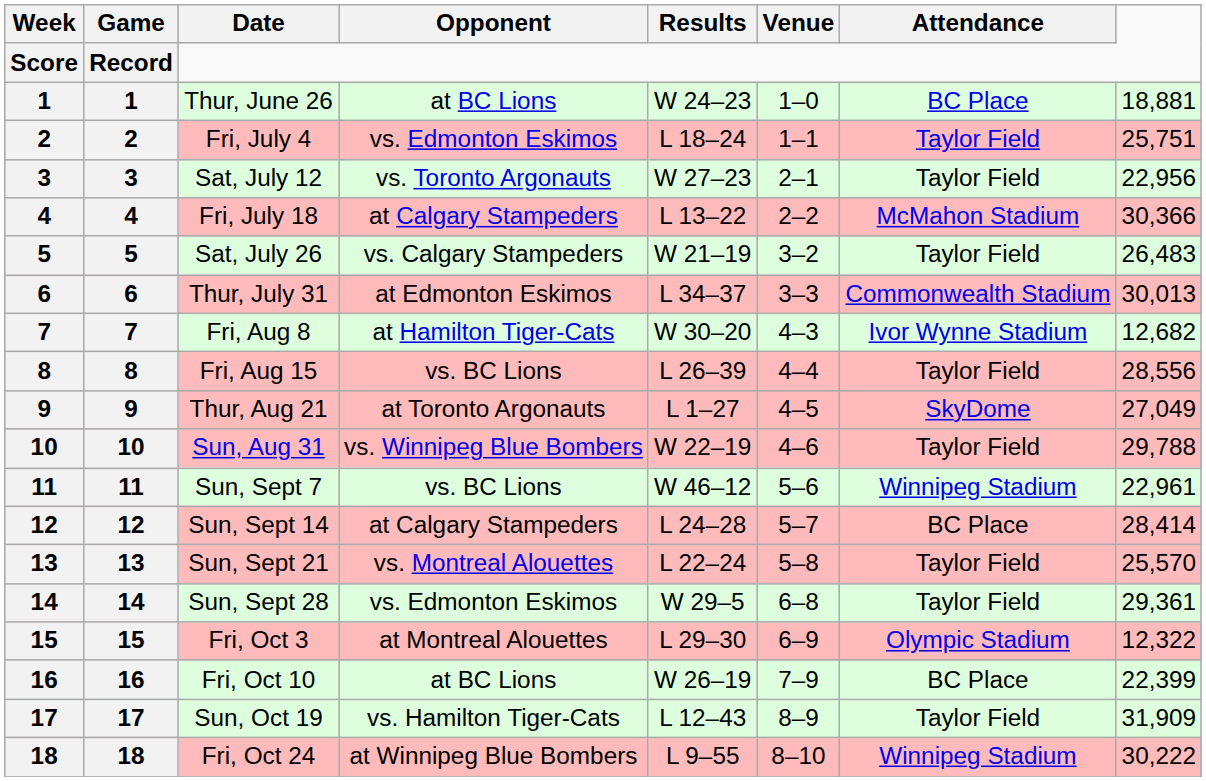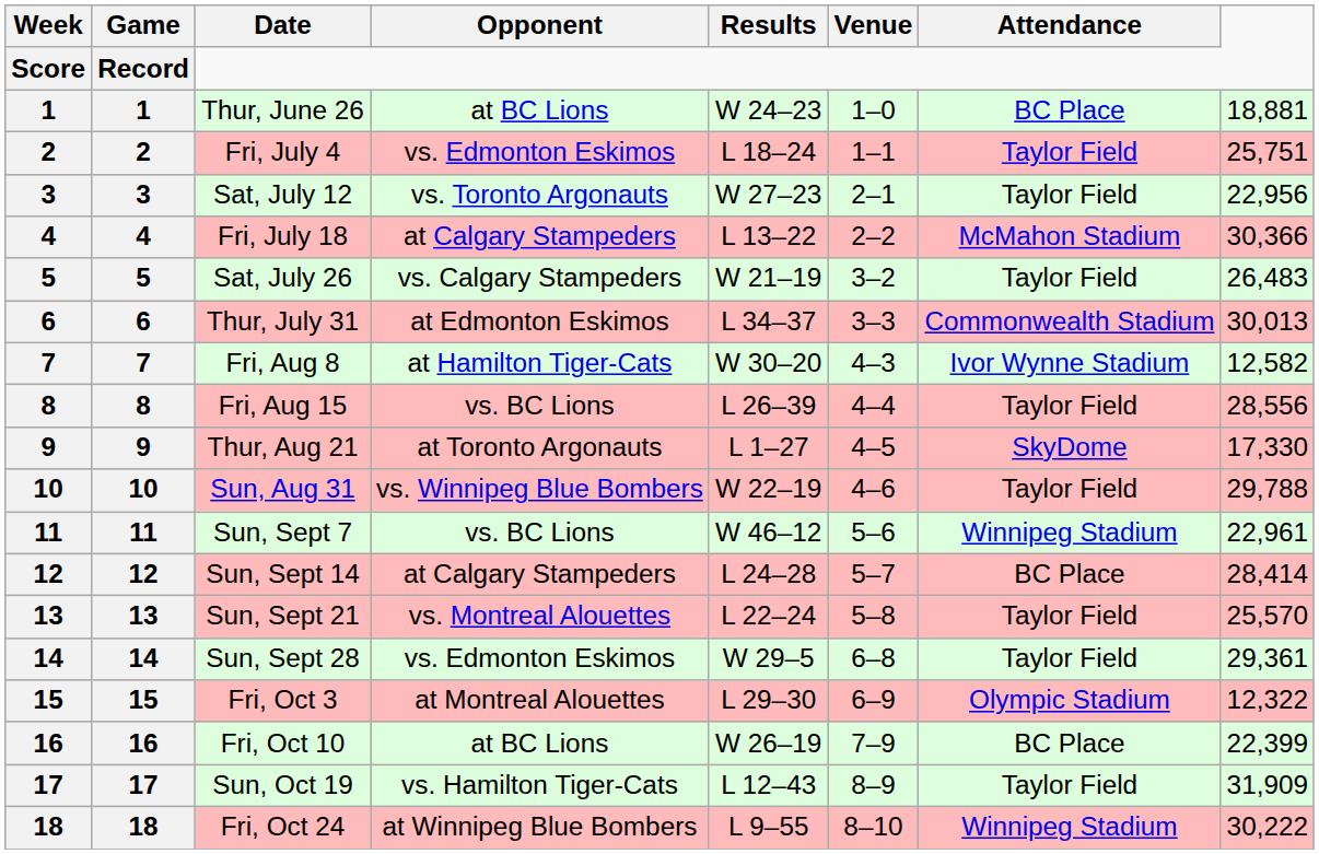 <table class="wikitable" style="text-align:center">
 <tr>
 <th>Week</th>
 <th>Game</th>
 <th>Date</th>
 <th>Opponent</th>
 <th>Results</th>
 <th>Venue</th>
 <th>Attendance</th>
 </tr>
 <tr>
 <th>Score</th>
 <th>Record</th>
 </tr>
 <tr style="background:#ddffdd">
 <th>1</th>
 <th>1</th>
 <td>Thur, June 26</td>
 <td>at <a href='#'>BC Lions</a></td>
 <td>W 24–23</td>
 <td>1–0</td>
 <td><a href='#'>BC Place</a></td>
 <td>18,881</td>
 </tr>
 <tr style="background:#ffbbbb">
 <th>2</th>
 <th>2</th>
 <td>Fri, July 4</td>
 <td>vs. <a href='#'>Edmonton Eskimos</a></td>
 <td>L 18–24</td>
 <td>1–1</td>
 <td><a href='#'>Taylor Field</a></td>
 <td>25,751</td>
 </tr>
 <tr style="background:#ddffdd">
 <th>3</th>
 <th>3</th>
 <td>Sat, July 12</td>
 <td>vs. <a href='#'>Toronto Argonauts</a></td>
 <td>W 27–23</td>
 <td>2–1</td>
 <td>Taylor Field</td>
 <td>22,956</td>
 </tr>
 <tr style="background:#ffbbbb">
 <th>4</th>
 <th>4</th>
 <td>Fri, July 18</td>
 <td>at <a href='#'>Calgary Stampeders</a></td>
 <td>L 13–22</td>
 <td>2–2</td>
 <td><a href='#'>McMahon Stadium</a></td>
 <td>30,366</td>
 </tr>
 <tr style="background:#ddffdd">
 <th>5</th>
 <th>5</th>
 <td>Sat, July 26</td>
 <td>vs. Calgary Stampeders</td>
 <td>W 21–19</td>
 <td>3–2</td>
 <td>Taylor Field</td>
 <td>26,483</td>
 </tr>
 <tr style="background:#ffbbbb">
 <th>6</th>
 <th>6</th>
 <td>Thur, July 31</td>
 <td>at Edmonton Eskimos</td>
 <td>L 34–37</td>
 <td>3–3</td>
 <td><a href='#'>Commonwealth Stadium</a></td>
 <td>30,013</td>
 </tr>
 <tr style="background:#ddffdd">
 <th>7</th>
 <th>7</th>
 <td>Fri, Aug 8</td>
 <td>at <a href='#'>Hamilton Tiger-Cats</a></td>
 <td>W 30–20</td>
 <td>4–3</td>
 <td><a href='#'>Ivor Wynne Stadium</a></td>
-<td>12,682</td>
+<td>12,582</td>
 </tr>
 <tr style="background:#ffbbbb">
 <th>8</th>
 <th>8</th>
 <td>Fri, Aug 15</td>
 <td>vs. BC Lions</td>
 <td>L 26–39</td>
 <td>4–4</td>
 <td>Taylor Field</td>
 <td>28,556</td>
 </tr>
 <tr style="background:#ffbbbb">
 <th>9</th>
 <th>9</th>
 <td>Thur, Aug 21</td>
 <td>at Toronto Argonauts</td>
 <td>L 1–27</td>
 <td>4–5</td>
 <td><a href='#'>SkyDome</a></td>
-<td>27,049</td>
+<td>17,330</td>
 </tr>
 <tr style="background:#ffbbbb">
 <th>10</th>
 <th>10</th>
 <td><a href='#'>Sun, Aug 31</a></td>
 <td>vs. <a href='#'>Winnipeg Blue Bombers</a></td>
 <td>W 22–19</td>
 <td>4–6</td>
 <td>Taylor Field</td>
 <td>29,788</td>
 </tr>
 <tr style="background:#ddffdd">
 <th>11</th>
 <th>11</th>
 <td>Sun, Sept 7</td>
 <td>vs. BC Lions</td>
 <td>W 46–12</td>
 <td>5–6</td>
 <td><a href='#'>Winnipeg Stadium</a></td>
 <td>22,961</td>
 </tr>
 <tr style="background:#ffbbbb">
 <th>12</th>
 <th>12</th>
 <td>Sun, Sept 14</td>
 <td>at Calgary Stampeders</td>
 <td>L 24–28</td>
 <td>5–7</td>
 <td>BC Place</td>
 <td>28,414</td>
 </tr>
 <tr style="background:#ffbbbb">
 <th>13</th>
 <th>13</th>
 <td>Sun, Sept 21</td>
 <td>vs. <a href='#'>Montreal Alouettes</a></td>
 <td>L 22–24</td>
 <td>5–8</td>
 <td>Taylor Field</td>
 <td>25,570</td>
 </tr>
 <tr style="background:#ddffdd">
 <th>14</th>
 <th>14</th>
 <td>Sun, Sept 28</td>
 <td>vs. Edmonton Eskimos</td>
 <td>W 29–5</td>
 <td>6–8</td>
 <td>Taylor Field</td>
 <td>29,361</td>
 </tr>
 <tr style="background:#ffbbbb">
 <th>15</th>
 <th>15</th>
 <td>Fri, Oct 3</td>
 <td>at Montreal Alouettes</td>
 <td>L 29–30</td>
 <td>6–9</td>
 <td><a href='#'>Olympic Stadium</a></td>
 <td>12,322</td>
 </tr>
 <tr style="background:#ddffdd">
 <th>16</th>
 <th>16</th>
 <td>Fri, Oct 10</td>
 <td>at BC Lions</td>
 <td>W 26–19</td>
 <td>7–9</td>
 <td>BC Place</td>
 <td>22,399</td>
 </tr>
 <tr style="background:#ddffdd">
 <th>17</th>
 <th>17</th>
 <td>Sun, Oct 19</td>
 <td>vs. Hamilton Tiger-Cats</td>
 <td>L 12–43</td>
 <td>8–9</td>
 <td>Taylor Field</td>
 <td>31,909</td>
 </tr>
 <tr style="background:#ffbbbb">
 <th>18</th>
 <th>18</th>
 <td>Fri, Oct 24</td>
 <td>at Winnipeg Blue Bombers</td>
 <td>L 9–55</td>
 <td>8–10</td>
 <td><a href='#'>Winnipeg Stadium</a></td>
 <td>30,222</td>
 </tr>
 </table>
